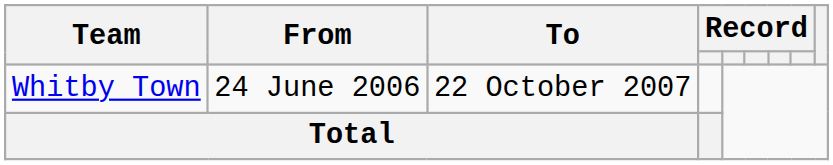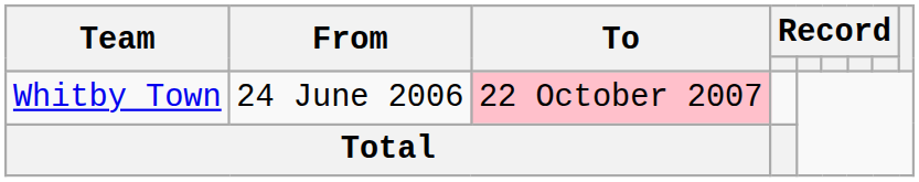 <table class=wikitable style="text-align: center">
 <tr>
 <th rowspan=2>Team</th>
 <th rowspan=2>From</th>
 <th rowspan=2>To</th>
 <th colspan=5>Record</th>
 <th rowspan=2></th>
 </tr>
 <tr>
 <th></th>
 <th></th>
 <th></th>
 <th></th>
 <th></th>
 </tr>
 <tr>
 <td align=left><a href='#'>Whitby Town</a></td>
 <td align=left>24 June 2006</td>
-<td align=left>22 October 2007<br></td>
+<td align=left style="background: pink;">22 October 2007<br></td>
 <td></td>
 </tr>
 <tr>
 <th colspan=3>Total<br></th>
 <th></th>
 </tr>
 </table>
